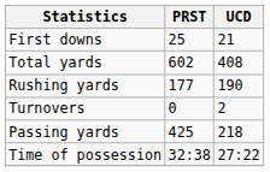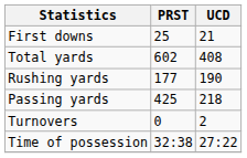 <table class="wikitable">
 <tr>
 <th>Statistics</th>
 <th>PRST</th>
 <th>UCD</th>
 </tr>
 <tr>
 <td>First downs</td>
 <td>25</td>
 <td>21</td>
 </tr>
 <tr>
 <td>Total yards</td>
 <td>602</td>
 <td>408</td>
 </tr>
 <tr>
 <td>Rushing yards</td>
 <td>177</td>
 <td>190</td>
 </tr>
 <tr>
+<td>Passing yards</td>
+<td>425</td>
+<td>218</td>
+</tr>
+<tr>
 <td>Turnovers</td>
 <td>0</td>
 <td>2</td>
-</tr>
-<tr>
-<td>Passing yards</td>
-<td>425</td>
-<td>218</td>
 </tr>
 <tr>
 <td>Time of possession</td>
 <td>32:38</td>
 <td>27:22</td>
 </tr>
 <tr>
 </tr>
 </table>
